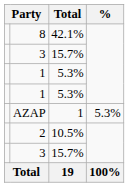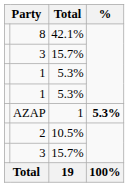 <table class=wikitable style="text-align:right;">
 <tr>
 <th colspan=2>Party</th>
 <th>Total</th>
 <th>%</th>
 </tr>
 <tr>
 <td></td>
 <td>8</td>
 <td>42.1%</td>
 </tr>
 <tr>
 <td></td>
 <td>3</td>
 <td>15.7%</td>
 </tr>
 <tr>
 <td></td>
 <td>1</td>
 <td>5.3%</td>
 </tr>
 <tr>
 <td></td>
 <td>1</td>
 <td>5.3%</td>
 </tr>
 <tr>
 <td></td>
 <td align=left>AZAP</td>
 <td>1</td>
-<td>5.3%</td>
+<td><strong>5.3%</strong></td>
 </tr>
 <tr>
 <td></td>
 <td>2</td>
 <td>10.5%</td>
 </tr>
 <tr>
 <td></td>
 <td>3</td>
 <td>15.7%</td>
 </tr>
 <tr>
 <th colspan=2>Total</th>
 <th>19</th>
 <th>100%</th>
 </tr>
 </table>
